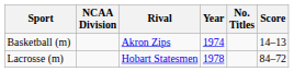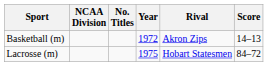 <table class="wikitable sortable"; style=" ">
 <tr>
 <th width=100px>Sport</th>
 <th width=50px>NCAA<br> Division</th>
+<th width=px>No.<br>Titles</th>
+<th width=px>Year</th>
 <th width=px>Rival</th>
-<th width=px>Year</th>
-<th width=px>No.<br>Titles</th>
 <th width=px>Score</th>
 </tr>
 <tr>
 <td>Basketball (m)</td>
 <td></td>
+<td></td>
+<td><a href='#'>1972</a></td>
 <td><a href='#'>Akron Zips</a></td>
-<td><a href='#'>1974</a></td>
-<td></td>
 <td>14–13</td>
 </tr>
 <tr>
 <td>Lacrosse (m)</td>
 <td></td>
+<td></td>
+<td><a href='#'>1975</a></td>
 <td><a href='#'>Hobart Statesmen</a></td>
-<td><a href='#'>1978</a></td>
-<td></td>
 <td>84–72</td>
 </tr>
 </table>
